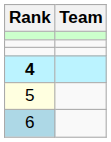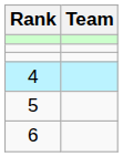 <table class="wikitable">
 <tr>
 <th style="width: 40px;">Rank</th>
 <th>Team</th>
 </tr>
 <tr style="background: #CCFFCC;">
 <td style="text-align: center;"></td>
 <td></td>
 </tr>
 <tr>
 <td style="text-align: center;"></td>
 <td></td>
 </tr>
 <tr>
 <td style="text-align: center;"></td>
 <td></td>
 </tr>
 <tr style="background: #bbf3ff;">
-<td style="text-align: center;"><strong>4</strong></td>
+<td style="text-align: center;">4</td>
 <td></td>
 </tr>
 <tr>
-<td style="background: lightyellow; text-align: center;">5</td>
+<td style="text-align: center;">5</td>
 <td></td>
 </tr>
 <tr>
-<td style="background: lightblue; text-align: center;">6</td>
+<td style="text-align: center;">6</td>
 <td></td>
 </tr>
 </table>
